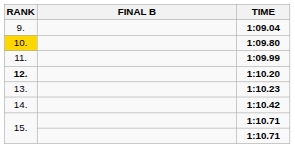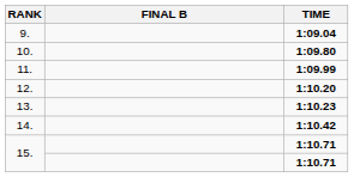 <table class="wikitable">
 <tr>
 <th>RANK</th>
 <th style="width: 20em">FINAL B</th>
 <th style="width: 5em">TIME</th>
 </tr>
 <tr>
 <td align="center">9.</td>
 <td></td>
 <td align="center"><strong>1:09.04</strong></td>
 </tr>
 <tr>
-<td align="center" style="background: gold;">10.</td>
+<td align="center">10.</td>
 <td></td>
 <td align="center"><strong>1:09.80</strong></td>
 </tr>
 <tr>
 <td align="center">11.</td>
 <td></td>
 <td align="center"><strong>1:09.99</strong></td>
 </tr>
 <tr>
-<td align="center"><strong>12.</strong></td>
+<td align="center">12.</td>
 <td></td>
 <td align="center"><strong>1:10.20</strong></td>
 </tr>
 <tr>
 <td align="center">13.</td>
 <td></td>
 <td align="center"><strong>1:10.23</strong></td>
 </tr>
 <tr>
 <td align="center">14.</td>
 <td></td>
 <td align="center"><strong>1:10.42</strong></td>
 </tr>
 <tr>
 <td rowspan=2 align="center">15.</td>
 <td></td>
 <td align="center"><strong>1:10.71</strong></td>
 </tr>
 <tr>
 <td></td>
 <td align="center"><strong>1:10.71</strong></td>
 </tr>
 </table>
